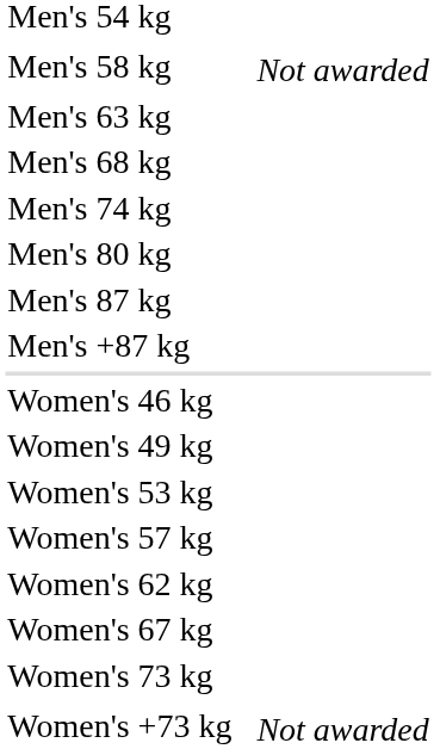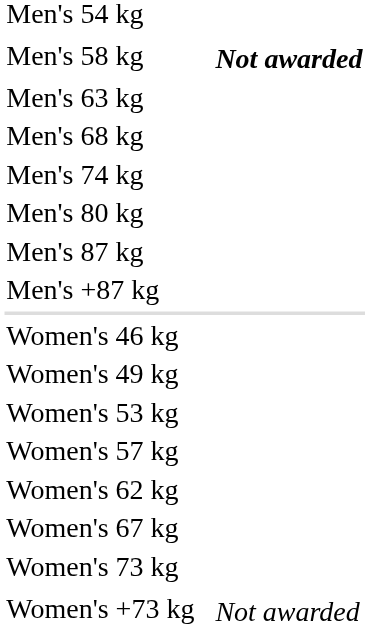 <table>
 <tr>
 <td rowspan=2>Men's 54 kg</td>
 <td rowspan=2></td>
 <td rowspan=2></td>
 <td></td>
 </tr>
 <tr>
 <td></td>
 </tr>
 <tr>
 <td rowspan=2>Men's 58 kg</td>
 <td rowspan=2></td>
 <td rowspan=2></td>
 <td></td>
 </tr>
 <tr>
-<td><em>Not awarded</em></td>
+<td><strong><em>Not awarded</em></strong></td>
 </tr>
 <tr>
 <td rowspan=2>Men's 63 kg</td>
 <td rowspan=2></td>
 <td rowspan=2></td>
 <td></td>
 </tr>
 <tr>
 <td></td>
 </tr>
 <tr>
 <td rowspan=2>Men's 68 kg</td>
 <td rowspan=2></td>
 <td rowspan=2></td>
 <td></td>
 </tr>
 <tr>
 <td></td>
 </tr>
 <tr>
 <td rowspan=2>Men's 74 kg</td>
 <td rowspan=2></td>
 <td rowspan=2></td>
 <td></td>
 </tr>
 <tr>
 <td></td>
 </tr>
 <tr>
 <td rowspan=2>Men's 80 kg</td>
 <td rowspan=2></td>
 <td rowspan=2></td>
 <td></td>
 </tr>
 <tr>
 <td></td>
 </tr>
 <tr>
 <td rowspan=2>Men's 87 kg</td>
 <td rowspan=2></td>
 <td rowspan=2></td>
 <td></td>
 </tr>
 <tr>
 <td></td>
 </tr>
 <tr>
 <td rowspan=2>Men's +87 kg</td>
 <td rowspan=2></td>
 <td rowspan=2></td>
 <td></td>
 </tr>
 <tr>
 <td></td>
 </tr>
 <tr bgcolor=#DDDDDD>
 <td colspan=7></td>
 </tr>
 <tr>
 <td rowspan=2>Women's 46 kg</td>
 <td rowspan=2></td>
 <td rowspan=2></td>
 <td></td>
 </tr>
 <tr>
 <td></td>
 </tr>
 <tr>
 <td rowspan=2>Women's 49 kg</td>
 <td rowspan=2></td>
 <td rowspan=2></td>
 <td></td>
 </tr>
 <tr>
 <td></td>
 </tr>
 <tr>
 <td rowspan=2>Women's 53 kg</td>
 <td rowspan=2></td>
 <td rowspan=2></td>
 <td></td>
 </tr>
 <tr>
 <td></td>
 </tr>
 <tr>
 <td rowspan=2>Women's 57 kg</td>
 <td rowspan=2></td>
 <td rowspan=2></td>
 <td></td>
 </tr>
 <tr>
 <td></td>
 </tr>
 <tr>
 <td rowspan=2>Women's 62 kg</td>
 <td rowspan=2></td>
 <td rowspan=2></td>
 <td></td>
 </tr>
 <tr>
 <td></td>
 </tr>
 <tr>
 <td rowspan=2>Women's 67 kg</td>
 <td rowspan=2></td>
 <td rowspan=2></td>
 <td></td>
 </tr>
 <tr>
 <td></td>
 </tr>
 <tr>
 <td rowspan=2>Women's 73 kg</td>
 <td rowspan=2></td>
 <td rowspan=2></td>
 <td></td>
 </tr>
 <tr>
 <td></td>
 </tr>
 <tr>
 <td rowspan=2>Women's +73 kg</td>
 <td rowspan=2></td>
 <td rowspan=2></td>
 <td></td>
 </tr>
 <tr>
 <td><em>Not awarded</em></td>
 </tr>
 </table>
